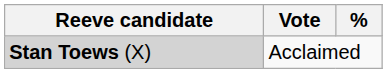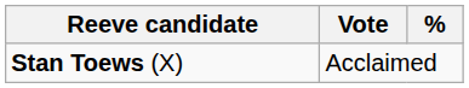 <table class="wikitable">
 <tr>
 <th width="200px">Reeve candidate</th>
 <th width="50px">Vote</th>
 <th width="30px">%</th>
 </tr>
 <tr>
-<td style="background: lightgrey;"><strong>Stan Toews</strong> (X)</td>
+<td><strong>Stan Toews</strong> (X)</td>
 <td colspan="2">Acclaimed</td>
 </tr>
 </table>
